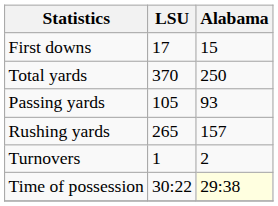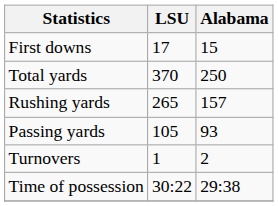 <table class="wikitable" style="float: left;">
 <tr>
 <th>Statistics</th>
 <th style=>LSU</th>
 <th>Alabama</th>
 </tr>
 <tr>
 <td>First downs</td>
 <td>17</td>
 <td>15</td>
 </tr>
 <tr>
 <td>Total yards</td>
 <td>370</td>
 <td>250</td>
 </tr>
 <tr>
+<td>Rushing yards</td>
+<td>265</td>
+<td>157</td>
+</tr>
+<tr>
 <td>Passing yards</td>
 <td>105</td>
 <td>93</td>
-</tr>
-<tr>
-<td>Rushing yards</td>
-<td>265</td>
-<td>157</td>
 </tr>
 <tr>
 <td>Turnovers</td>
 <td>1</td>
 <td>2</td>
 </tr>
 <tr>
 <td>Time of possession</td>
 <td>30:22</td>
-<td style="background: lightyellow;">29:38</td>
+<td>29:38</td>
 </tr>
 <tr>
 </tr>
 </table>
